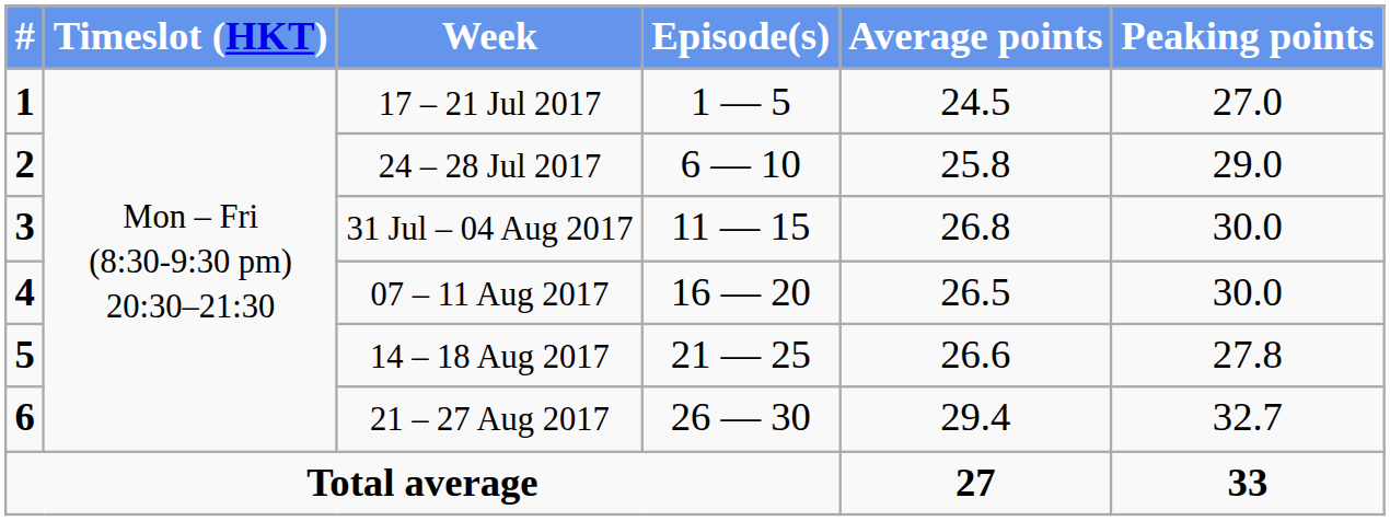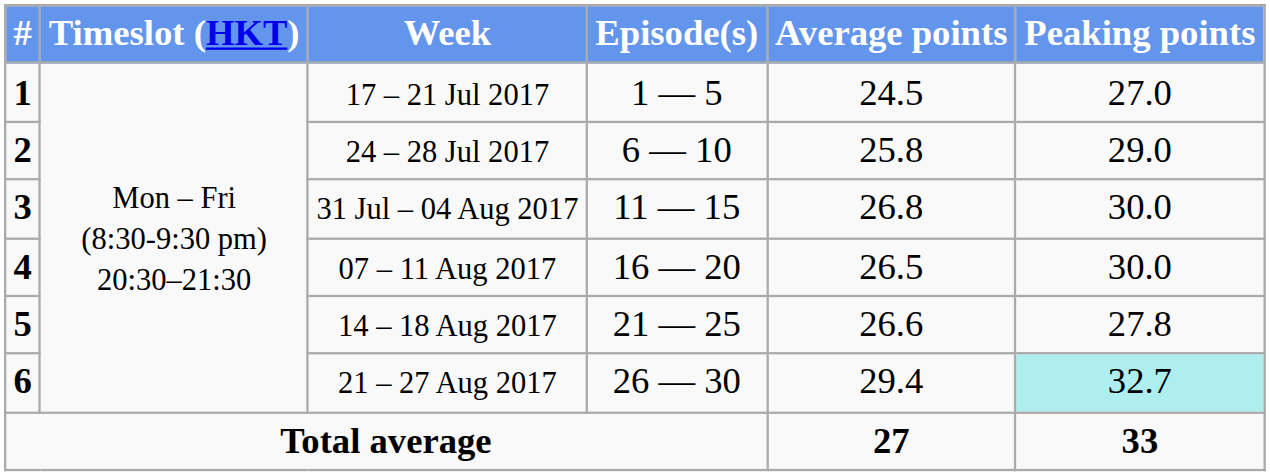 <table class="wikitable" style="text-align:center;">
 <tr style="background:cornflowerblue; color:white" align="center">
 </tr>
 <tr>
 <th style="background:cornflowerblue; color:white" align="center">#</th>
 <th style="background:cornflowerblue; color:white" align="center">Timeslot (<a href='#'>HKT</a>)</th>
 <th style="background:cornflowerblue; color:white" align="center">Week</th>
 <th style="background:cornflowerblue; color:white" align="center">Episode(s)</th>
 <th style="background:cornflowerblue; color:white" align="center">Average points</th>
 <th style="background:cornflowerblue; color:white" align="center">Peaking points</th>
 </tr>
 <tr>
 <td><strong>1</strong></td>
 <td rowspan="6"><small>Mon – Fri<br>(8:30-9:30 pm)<br>20:30–21:30</small></td>
 <td><small>17 – 21 Jul 2017</small></td>
 <td>1 — 5</td>
 <td>24.5</td>
 <td>27.0</td>
 </tr>
 <tr>
 <td><strong>2</strong></td>
 <td><small>24 – 28 Jul 2017</small></td>
 <td>6 — 10</td>
 <td>25.8</td>
 <td>29.0</td>
 </tr>
 <tr>
 <td><strong>3</strong></td>
 <td><small>31 Jul – 04 Aug 2017</small></td>
 <td>11 — 15</td>
 <td>26.8</td>
 <td>30.0</td>
 </tr>
 <tr>
 <td><strong>4</strong></td>
 <td><small>07 – 11 Aug 2017</small></td>
 <td>16 — 20</td>
 <td>26.5</td>
 <td>30.0</td>
 </tr>
 <tr>
 <td><strong>5</strong></td>
 <td><small>14 – 18 Aug 2017</small></td>
 <td>21 — 25</td>
 <td>26.6</td>
 <td>27.8</td>
 </tr>
 <tr>
 <td><strong>6</strong></td>
 <td><small>21 – 27 Aug 2017</small></td>
 <td>26 — 30</td>
 <td>29.4</td>
-<td>32.7</td>
+<td style="background: paleturquoise;">32.7</td>
 </tr>
 <tr>
 <td colspan="4"><strong>Total average</strong></td>
 <td><strong>27</strong></td>
 <td><strong>33</strong></td>
 </tr>
 </table>
